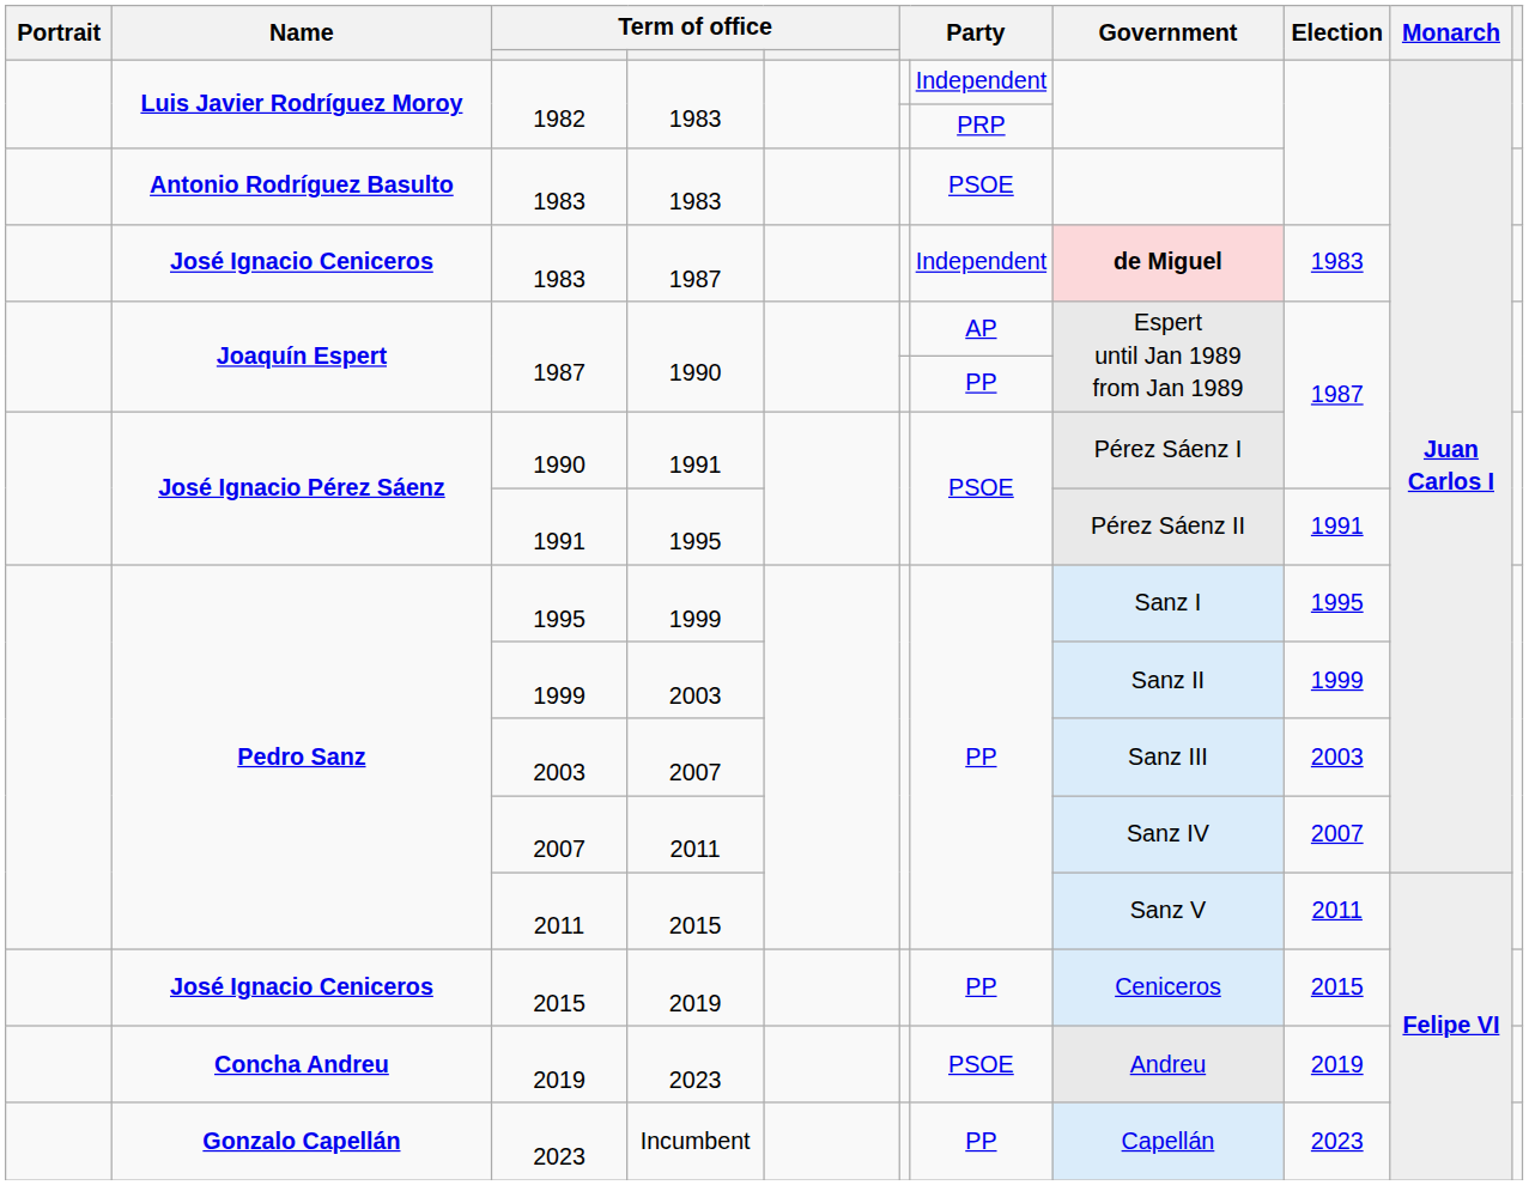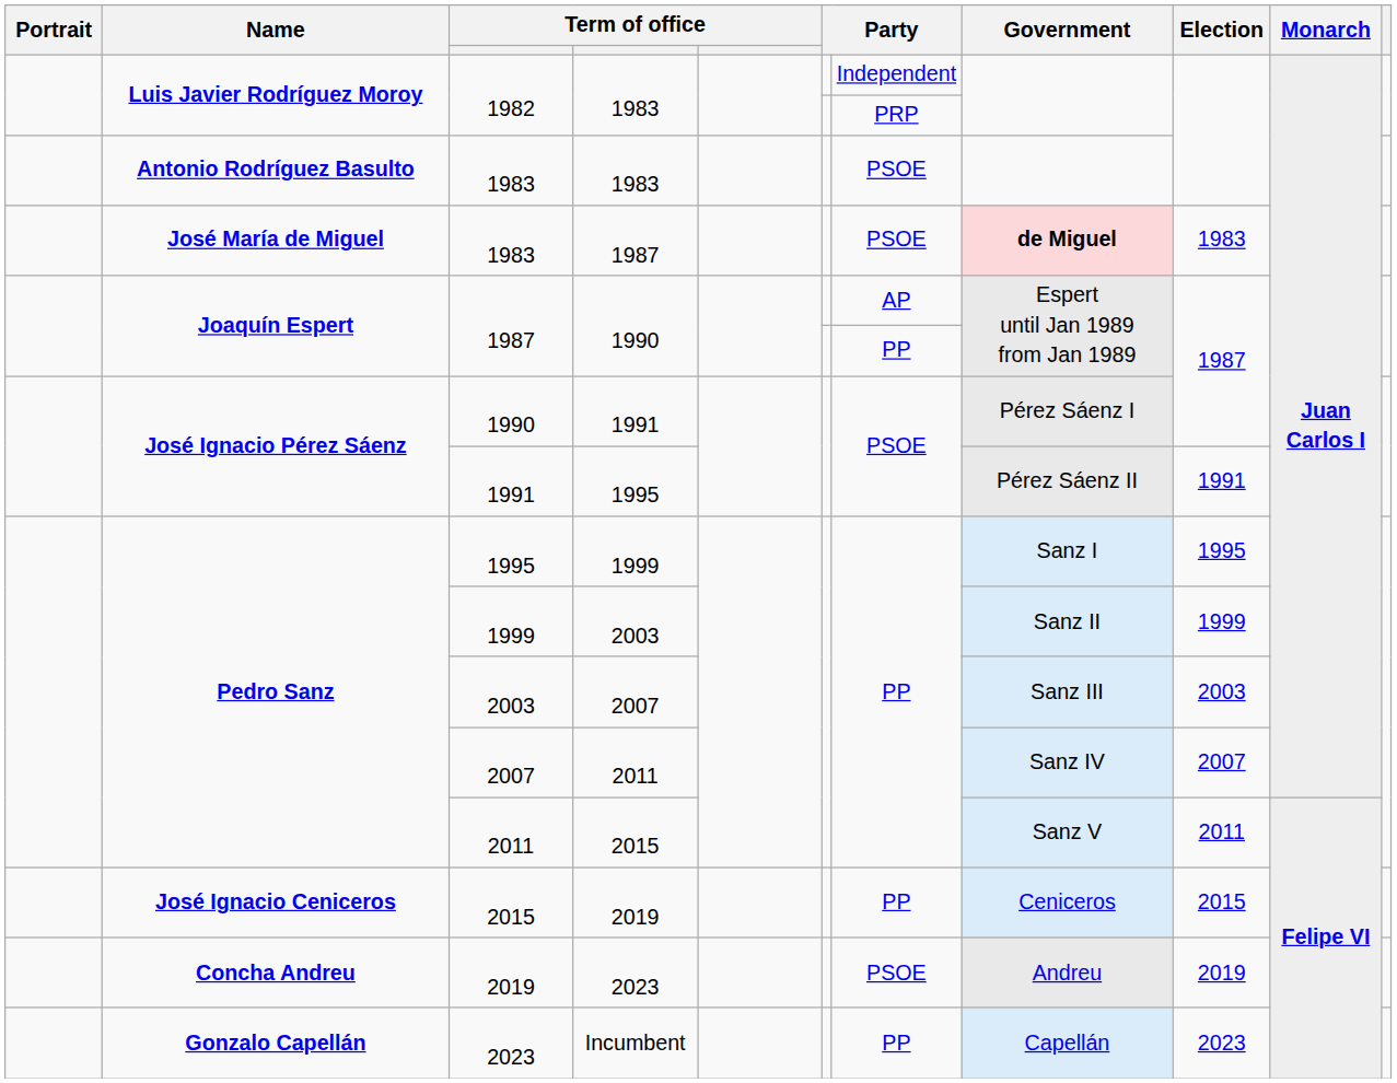 <table class="wikitable" style="line-height:1.4em; text-align:center; border:1px #aaf solid;">
 <tr>
 <th rowspan="2" width="65">Portrait</th>
 <th rowspan="2" width="250">Name<br></th>
 <th colspan="3">Term of office</th>
 <th rowspan="2" colspan="2" width="90">Party</th>
 <th rowspan="2" width="150">Government<br></th>
 <th rowspan="2" width="65">Election</th>
 <th rowspan="2" width="75"><a href='#'>Monarch</a><br></th>
 <th rowspan="2"></th>
 </tr>
 <tr>
 <th width="85"></th>
 <th width="85"></th>
 <th width="85"></th>
 </tr>
 <tr>
 <td rowspan="2"></td>
 <td rowspan="2"><strong><a href='#'>Luis Javier Rodríguez Moroy</a></strong><br></td>
 <td rowspan="2" class="nowrap"><br>1982</td>
 <td rowspan="2" class="nowrap"><br>1983</td>
 <td rowspan="2" style="font-size:95%;"></td>
 <td style="background:"></td>
 <td><a href='#'>Independent</a></td>
 <td rowspan="2"></td>
 <td rowspan="3" style="color:#ccc;"></td>
 <td scope="row" style="text-align:center;" rowspan="12" bgcolor="#EEEEEE"><br><strong><a href='#'>Juan Carlos I</a></strong><br><br></td>
 <td rowspan="2"><br></td>
 </tr>
 <tr>
 <td style="background:"></td>
 <td><a href='#'>PRP</a></td>
 </tr>
 <tr>
 <td></td>
 <td><strong><a href='#'>Antonio Rodríguez Basulto</a></strong><br></td>
 <td class="nowrap"><br>1983</td>
 <td class="nowrap"><br>1983</td>
 <td style="font-size:95%;"></td>
 <td style="background:"></td>
 <td><a href='#'>PSOE</a></td>
 <td></td>
 <td><br></td>
 </tr>
 <tr>
 <td></td>
-<td><strong><a href='#'>José Ignacio Ceniceros</a></strong><br></td>
+<td><strong><a href='#'>José María de Miguel</a></strong><br></td>
 <td class="nowrap"><br>1983</td>
 <td class="nowrap"><br>1987</td>
 <td style="font-size:95%;"></td>
 <td style="background:"></td>
-<td><a href='#'>Independent</a></td>
+<td><a href='#'>PSOE</a></td>
 <td style="background:#FCD8DA;"><strong>de Miguel<br></strong></td>
 <td><a href='#'>1983</a></td>
 <td><br></td>
 </tr>
 <tr>
 <td rowspan="2"></td>
 <td rowspan="2"><strong><a href='#'>Joaquín Espert</a></strong><br></td>
 <td rowspan="2" class="nowrap"><br>1987</td>
 <td rowspan="2" class="nowrap"><br>1990<br></td>
 <td rowspan="2" style="font-size:95%;"></td>
 <td style="background:"></td>
 <td><a href='#'>AP</a></td>
 <td rowspan="2" style="background:#E9E9E9;">Espert<br> until Jan 1989<br> from Jan 1989</td>
 <td rowspan="3"><a href='#'>1987</a></td>
 <td rowspan="2"><br></td>
 </tr>
 <tr>
 <td style="background:"></td>
 <td><a href='#'>PP</a></td>
 </tr>
 <tr>
 <td rowspan="2"></td>
 <td rowspan="2"><strong><a href='#'>José Ignacio Pérez Sáenz</a></strong><br></td>
 <td class="nowrap"><br>1990</td>
 <td class="nowrap"><br>1991</td>
 <td rowspan="2" style="font-size:95%;"></td>
 <td rowspan="2" style="background:"></td>
 <td rowspan="2"><a href='#'>PSOE</a></td>
 <td style="background:#E9E9E9;">Pérez Sáenz I<br></td>
 <td rowspan="2"><br><br></td>
 </tr>
 <tr>
 <td class="nowrap"><br>1991</td>
 <td class="nowrap"><br>1995</td>
 <td style="background:#E9E9E9;">Pérez Sáenz II<br></td>
 <td><a href='#'>1991</a></td>
 </tr>
 <tr>
 <td rowspan="5"></td>
 <td rowspan="5"><strong><a href='#'>Pedro Sanz</a></strong><br></td>
 <td class="nowrap"><br>1995</td>
 <td class="nowrap"><br>1999</td>
 <td rowspan="5" style="font-size:95%;"></td>
 <td rowspan="5" style="background:"></td>
 <td rowspan="5"><a href='#'>PP</a></td>
 <td style="background:#DAECFA;">Sanz I<br></td>
 <td><a href='#'>1995</a></td>
 <td rowspan="5"><br><br><br><br><br></td>
 </tr>
 <tr>
 <td class="nowrap"><br>1999</td>
 <td class="nowrap"><br>2003</td>
 <td style="background:#DAECFA;">Sanz II<br></td>
 <td><a href='#'>1999</a></td>
 </tr>
 <tr>
 <td class="nowrap"><br>2003</td>
 <td class="nowrap"><br>2007</td>
 <td style="background:#DAECFA;">Sanz III<br></td>
 <td><a href='#'>2003</a></td>
 </tr>
 <tr>
 <td class="nowrap"><br>2007</td>
 <td class="nowrap"><br>2011</td>
 <td style="background:#DAECFA;">Sanz IV<br></td>
 <td><a href='#'>2007</a></td>
 </tr>
 <tr>
 <td class="nowrap"><br>2011</td>
 <td class="nowrap"><br>2015</td>
 <td style="background:#DAECFA;">Sanz V<br></td>
 <td><a href='#'>2011</a></td>
 <td scope="row" style="text-align:center;" rowspan="4" bgcolor="#EEEEEE"><br><strong><a href='#'>Felipe VI</a></strong><br><br></td>
 </tr>
 <tr>
 <td></td>
 <td><strong><a href='#'>José Ignacio Ceniceros</a></strong><br></td>
 <td class="nowrap"><br>2015</td>
 <td class="nowrap"><br>2019</td>
 <td style="font-size:95%;"></td>
 <td style="background:"></td>
 <td><a href='#'>PP</a></td>
 <td style="background:#DAECFA;"><a href='#'>Ceniceros</a><br></td>
 <td><a href='#'>2015</a></td>
 <td><br></td>
 </tr>
 <tr>
 <td></td>
 <td><strong><a href='#'>Concha Andreu</a></strong><br></td>
 <td class="nowrap"><br>2019</td>
 <td class="nowrap"><br>2023</td>
 <td style="font-size:95%;"></td>
 <td style="background:"></td>
 <td><a href='#'>PSOE</a></td>
 <td style="background:#E9E9E9;"><a href='#'>Andreu</a><br></td>
 <td><a href='#'>2019</a></td>
 <td><br></td>
 </tr>
 <tr>
 <td></td>
 <td><strong><a href='#'>Gonzalo Capellán</a></strong><br></td>
 <td class="nowrap"><br>2023</td>
 <td class="nowrap">Incumbent</td>
 <td style="font-size:95%;"></td>
 <td style="background:"></td>
 <td><a href='#'>PP</a></td>
 <td style="background:#DAECFA;"><a href='#'>Capellán</a><br></td>
 <td><a href='#'>2023</a></td>
 <td></td>
 </tr>
 </table>
